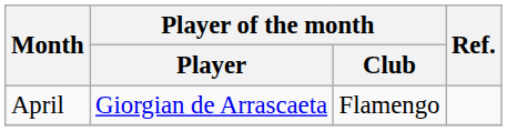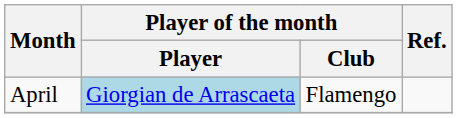 <table class="wikitable">
 <tr>
 <th rowspan="2">Month</th>
 <th colspan="2">Player of the month</th>
 <th rowspan="2">Ref.</th>
 </tr>
 <tr>
 <th>Player</th>
 <th>Club</th>
 </tr>
 <tr>
 <td>April</td>
-<td> <a href='#'>Giorgian de Arrascaeta</a></td>
+<td style="background: lightblue;"> <a href='#'>Giorgian de Arrascaeta</a></td>
 <td>Flamengo</td>
 <td align="center"></td>
 </tr>
 <tr>
 </tr>
 </table>
